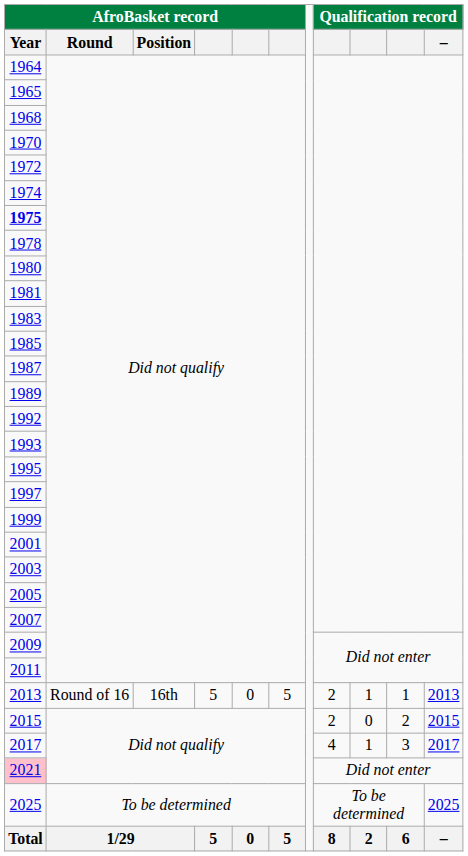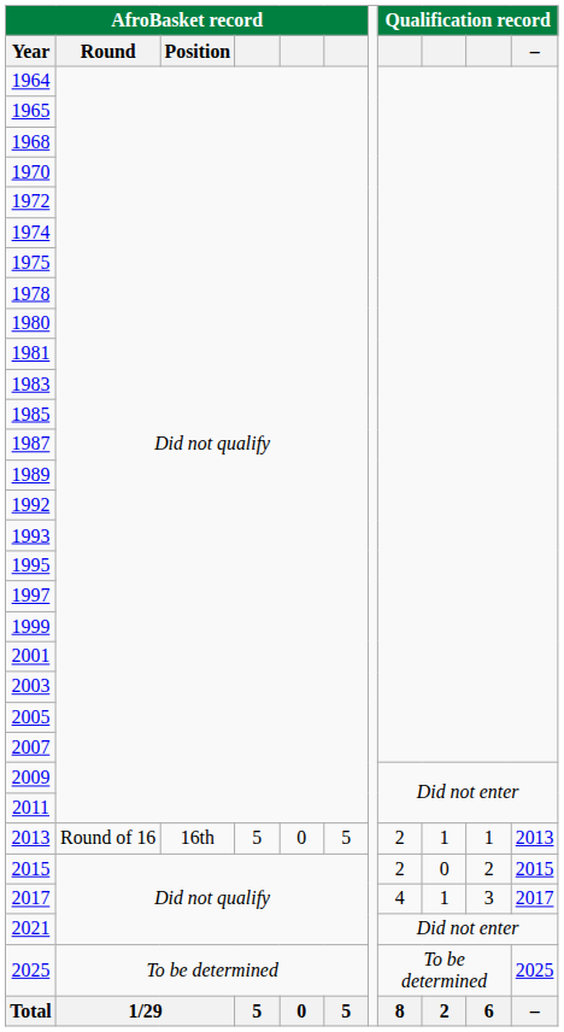 <table class="wikitable" style="text-align:center;">
 <tr>
 <th colspan="6" style="background:#008040; color:white;">AfroBasket record</th>
 <td rowspan="33"></td>
 <th colspan="4" style="background:#008040; color:white;">Qualification record</th>
 </tr>
 <tr>
 <th>Year</th>
 <th>Round</th>
 <th>Position</th>
 <th width="30"></th>
 <th width="30"></th>
 <th width="30"></th>
 <th width="30"></th>
 <th width="30"></th>
 <th width="30"></th>
 <th>–</th>
 </tr>
 <tr>
 <td> <a href='#'>1964</a></td>
 <td colspan="5" rowspan="25"><em>Did not qualify</em></td>
 </tr>
 <tr>
 <td> <a href='#'>1965</a></td>
 </tr>
 <tr>
 <td> <a href='#'>1968</a></td>
 </tr>
 <tr>
 <td> <a href='#'>1970</a></td>
 </tr>
 <tr>
 <td> <a href='#'>1972</a></td>
 </tr>
 <tr>
 <td> <a href='#'>1974</a></td>
 </tr>
 <tr>
-<td><strong> <a href='#'>1975</a></strong></td>
+<td> <a href='#'>1975</a></td>
 </tr>
 <tr>
 <td> <a href='#'>1978</a></td>
 </tr>
 <tr>
 <td> <a href='#'>1980</a></td>
 </tr>
 <tr>
 <td> <a href='#'>1981</a></td>
 </tr>
 <tr>
 <td> <a href='#'>1983</a></td>
 </tr>
 <tr>
 <td> <a href='#'>1985</a></td>
 </tr>
 <tr>
 <td> <a href='#'>1987</a></td>
 </tr>
 <tr>
 <td> <a href='#'>1989</a></td>
 </tr>
 <tr>
 <td> <a href='#'>1992</a></td>
 </tr>
 <tr>
 <td> <a href='#'>1993</a></td>
 </tr>
 <tr>
 <td> <a href='#'>1995</a></td>
 </tr>
 <tr>
 <td> <a href='#'>1997</a></td>
 </tr>
 <tr>
 <td> <a href='#'>1999</a></td>
 </tr>
 <tr>
 <td> <a href='#'>2001</a></td>
 </tr>
 <tr>
 <td> <a href='#'>2003</a></td>
 </tr>
 <tr>
 <td> <a href='#'>2005</a></td>
 </tr>
 <tr>
 <td> <a href='#'>2007</a></td>
 </tr>
 <tr>
 <td> <a href='#'>2009</a></td>
 <td colspan="4" rowspan="2"><em>Did not enter</em></td>
 </tr>
 <tr>
 <td> <a href='#'>2011</a></td>
 </tr>
 <tr>
 <td> <a href='#'>2013</a></td>
 <td>Round of 16</td>
 <td>16th</td>
 <td>5</td>
 <td>0</td>
 <td>5</td>
 <td>2</td>
 <td>1</td>
 <td>1</td>
 <td><a href='#'>2013</a></td>
 </tr>
 <tr>
 <td> <a href='#'>2015</a></td>
 <td colspan="5" rowspan="3"><em>Did not qualify</em></td>
 <td>2</td>
 <td>0</td>
 <td>2</td>
 <td><a href='#'>2015</a></td>
 </tr>
 <tr>
 <td>  <a href='#'>2017</a></td>
 <td>4</td>
 <td>1</td>
 <td>3</td>
 <td><a href='#'>2017</a></td>
 </tr>
 <tr>
-<td style="background: pink;"> <a href='#'>2021</a></td>
+<td> <a href='#'>2021</a></td>
 <td colspan="4"><em>Did not enter</em></td>
 </tr>
 <tr>
 <td> <a href='#'>2025</a></td>
 <td colspan="5"><em>To be determined</em></td>
 <td colspan="3"><em>To be determined</em></td>
 <td><a href='#'>2025</a></td>
 </tr>
 <tr>
 <th>Total</th>
 <th colspan="2">1/29</th>
 <th>5</th>
 <th>0</th>
 <th>5</th>
 <th>8</th>
 <th>2</th>
 <th>6</th>
 <th>–</th>
 </tr>
 </table>
